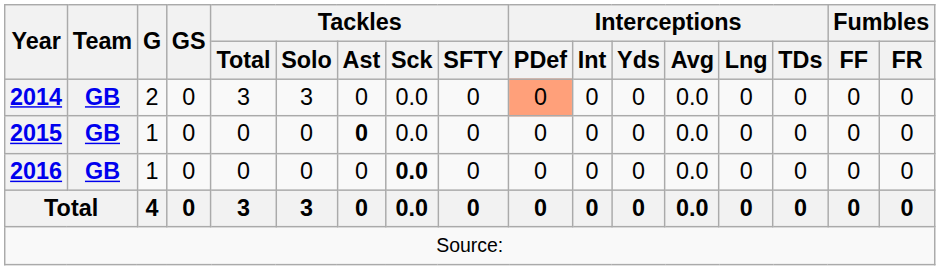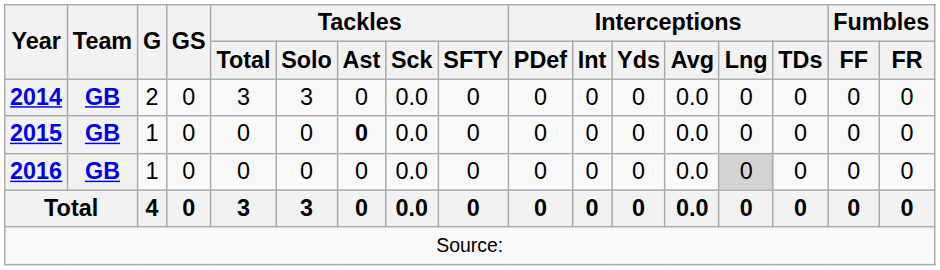 <table class="wikitable" style="text-align: center;">
 <tr>
 <th rowspan=2>Year</th>
 <th rowspan=2>Team</th>
 <th rowspan=2>G</th>
 <th rowspan=2>GS</th>
 <th colspan=5>Tackles</th>
 <th colspan=6>Interceptions</th>
 <th colspan=2>Fumbles</th>
 </tr>
 <tr>
 <th>Total</th>
 <th>Solo</th>
 <th>Ast</th>
 <th>Sck</th>
 <th>SFTY</th>
 <th>PDef</th>
 <th>Int</th>
 <th>Yds</th>
 <th>Avg</th>
 <th>Lng</th>
 <th>TDs</th>
 <th>FF</th>
 <th>FR</th>
 </tr>
 <tr>
 <th><a href='#'>2014</a></th>
 <th><a href='#'>GB</a></th>
 <td>2</td>
 <td>0</td>
 <td>3</td>
 <td>3</td>
 <td>0</td>
 <td>0.0</td>
 <td>0</td>
-<td style="background: lightsalmon;">0</td>
+<td>0</td>
 <td>0</td>
 <td>0</td>
 <td>0.0</td>
 <td>0</td>
 <td>0</td>
 <td>0</td>
 <td>0</td>
 </tr>
 <tr>
 <th><a href='#'>2015</a></th>
 <th><a href='#'>GB</a></th>
 <td>1</td>
 <td>0</td>
 <td>0</td>
 <td>0</td>
 <td><strong>0</strong></td>
 <td>0.0</td>
 <td>0</td>
 <td>0</td>
 <td>0</td>
 <td>0</td>
 <td>0.0</td>
 <td>0</td>
 <td>0</td>
 <td>0</td>
 <td>0</td>
 </tr>
 <tr>
 <th><a href='#'>2016</a></th>
 <th><a href='#'>GB</a></th>
 <td>1</td>
 <td>0</td>
 <td>0</td>
 <td>0</td>
 <td>0</td>
-<td><strong>0.0</strong></td>
+<td>0.0</td>
 <td>0</td>
 <td>0</td>
 <td>0</td>
 <td>0</td>
 <td>0.0</td>
-<td>0</td>
+<td style="background: lightgrey;">0</td>
 <td>0</td>
 <td>0</td>
 <td>0</td>
 </tr>
 <tr>
 <th colspan=2>Total</th>
 <th>4</th>
 <th>0</th>
 <th>3</th>
 <th>3</th>
 <th>0</th>
 <th>0.0</th>
 <th>0</th>
 <th>0</th>
 <th>0</th>
 <th>0</th>
 <th>0.0</th>
 <th>0</th>
 <th>0</th>
 <th>0</th>
 <th>0</th>
 </tr>
 <tr>
 <td colspan="17"><small>Source: </small></td>
 </tr>
 </table>
